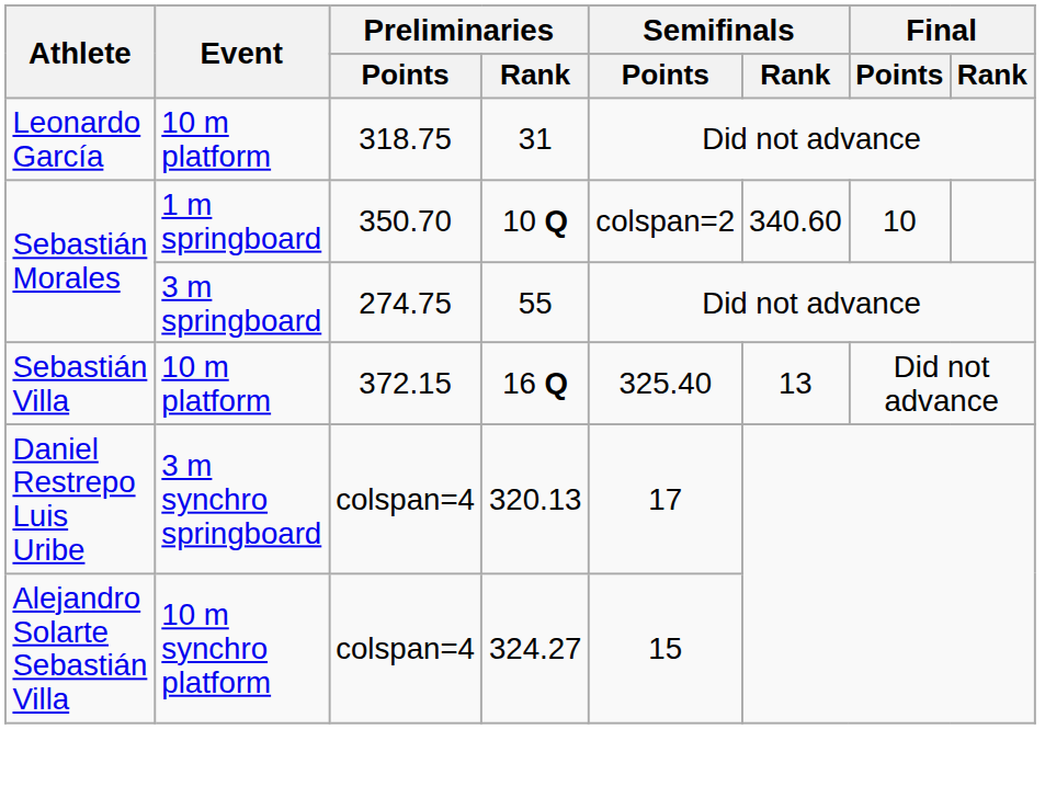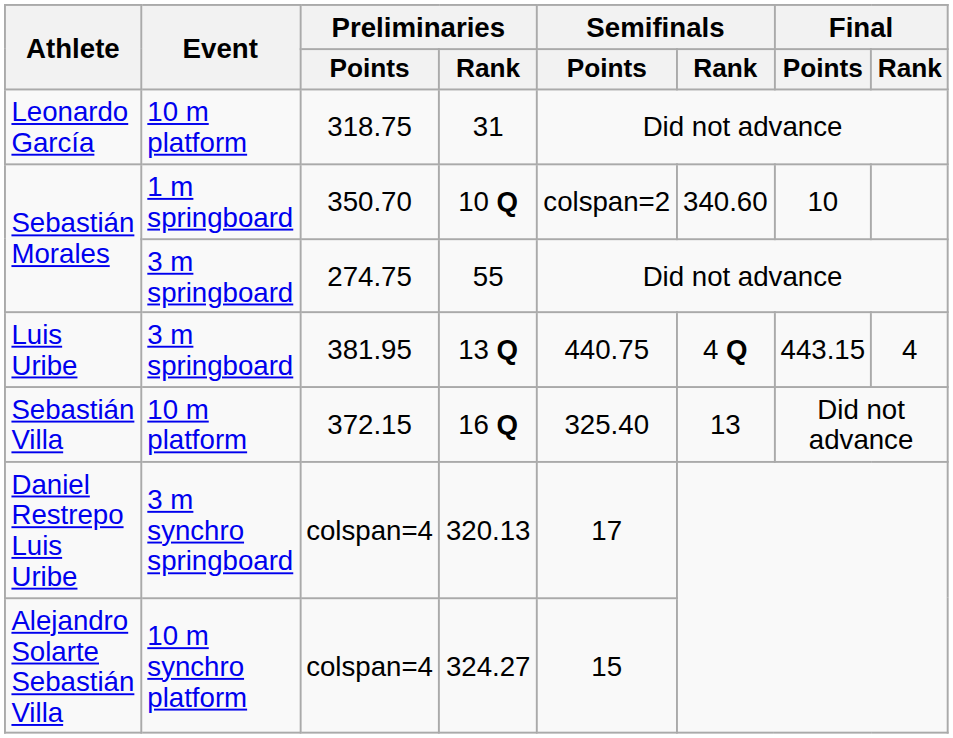 <table class="wikitable" style="text-align:center; font-size:90%; width:50%;">
 <tr>
 <th rowspan=2>Athlete</th>
 <th rowspan=2>Event</th>
 <th colspan=2>Preliminaries</th>
 <th colspan=2>Semifinals</th>
 <th colspan=2>Final</th>
 </tr>
 <tr style="font-size:95%">
 <th>Points</th>
 <th>Rank</th>
 <th>Points</th>
 <th>Rank</th>
 <th>Points</th>
 <th>Rank</th>
 </tr>
 <tr>
 <td align=left><a href='#'>Leonardo García</a></td>
 <td align=left><a href='#'>10 m platform</a></td>
 <td>318.75</td>
 <td>31</td>
 <td colspan=4>Did not advance</td>
 </tr>
 <tr>
 <td align=left rowspan=2><a href='#'>Sebastián Morales</a></td>
 <td align=left><a href='#'>1 m springboard</a></td>
 <td>350.70</td>
 <td>10 <strong>Q</strong></td>
 <td>colspan=2 </td>
 <td>340.60</td>
 <td>10</td>
 </tr>
 <tr>
 <td align=left><a href='#'>3 m springboard</a></td>
 <td>274.75</td>
 <td>55</td>
 <td colspan=4>Did not advance</td>
 </tr>
 <tr>
+<td align=left><a href='#'>Luis Uribe</a></td>
+<td align=left><a href='#'>3 m springboard</a></td>
+<td>381.95</td>
+<td>13 <strong>Q</strong></td>
+<td>440.75</td>
+<td>4 <strong>Q</strong></td>
+<td>443.15</td>
+<td>4</td>
+</tr>
+<tr>
 <td align=left><a href='#'>Sebastián Villa</a></td>
 <td align=left><a href='#'>10 m platform</a></td>
 <td>372.15</td>
 <td>16 <strong>Q</strong></td>
 <td>325.40</td>
 <td>13</td>
 <td colspan=2>Did not advance</td>
 </tr>
 <tr>
 <td align=left><a href='#'>Daniel Restrepo</a><br> <a href='#'>Luis Uribe</a></td>
 <td align=left><a href='#'>3 m synchro springboard</a></td>
 <td>colspan=4 </td>
 <td>320.13</td>
 <td>17</td>
 </tr>
 <tr>
 <td align=left><a href='#'>Alejandro Solarte</a><br> <a href='#'>Sebastián Villa</a></td>
 <td align=left><a href='#'>10 m synchro platform</a></td>
 <td>colspan=4 </td>
 <td>324.27</td>
 <td>15</td>
 </tr>
 </table>
